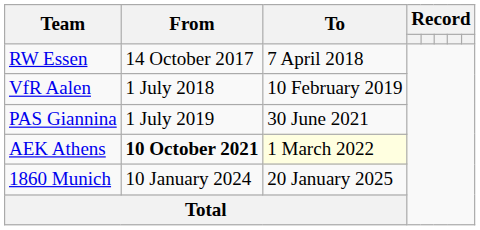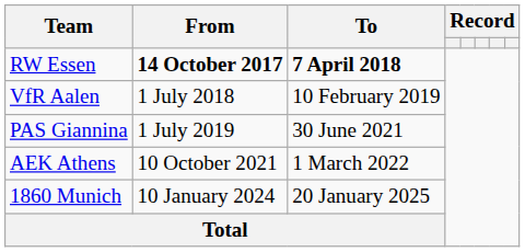 <table class="wikitable" style="text-align: center">
 <tr>
 <th rowspan="2">Team</th>
 <th rowspan="2">From</th>
 <th rowspan="2">To</th>
 <th colspan="5">Record</th>
 </tr>
 <tr>
 <th></th>
 <th></th>
 <th></th>
 <th></th>
 <th></th>
 </tr>
 <tr>
 <td align="left"><a href='#'>RW Essen</a></td>
-<td align=left>14 October 2017</td>
-<td align=left>7 April 2018<br></td>
+<td align=left><strong>14 October 2017</strong></td>
+<td align=left><strong>7 April 2018<br></strong></td>
 </tr>
 <tr>
 <td align="left"><a href='#'>VfR Aalen</a></td>
 <td align=left>1 July 2018</td>
 <td align=left>10 February 2019<br></td>
 </tr>
 <tr>
 <td align="left"><a href='#'>PAS Giannina</a></td>
 <td align=left>1 July 2019</td>
 <td align=left>30 June 2021<br></td>
 </tr>
 <tr>
 <td align="left"><a href='#'>AEK Athens</a></td>
-<td align=left><strong>10 October 2021</strong></td>
-<td align=left style="background: lightyellow;">1 March 2022<br></td>
+<td align=left>10 October 2021</td>
+<td align=left>1 March 2022<br></td>
 </tr>
 <tr>
 <td align="left"><a href='#'>1860 Munich</a></td>
 <td align=left>10 January 2024</td>
 <td align=left>20 January 2025<br></td>
 </tr>
 <tr>
 <th colspan=3>Total<br></th>
 </tr>
 </table>
